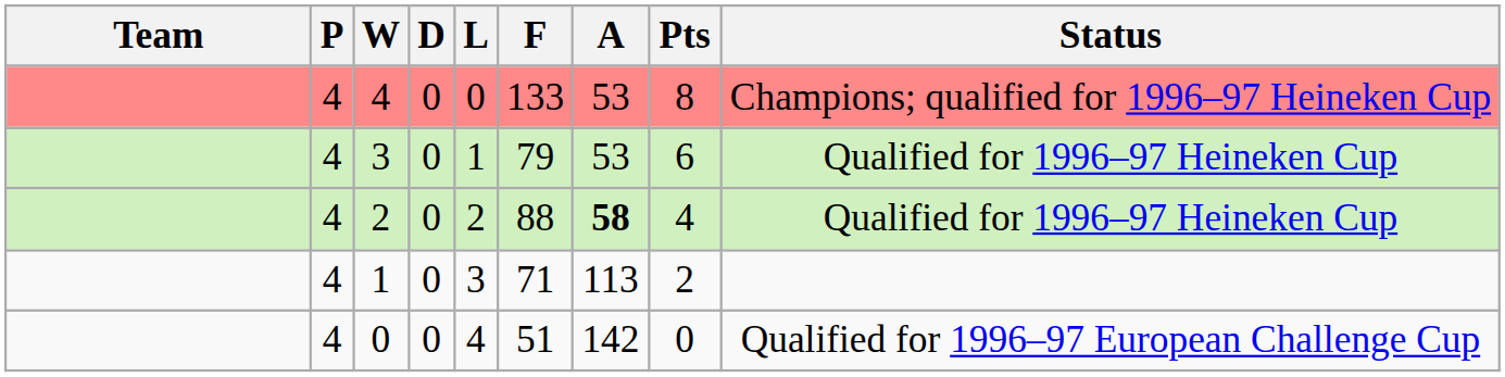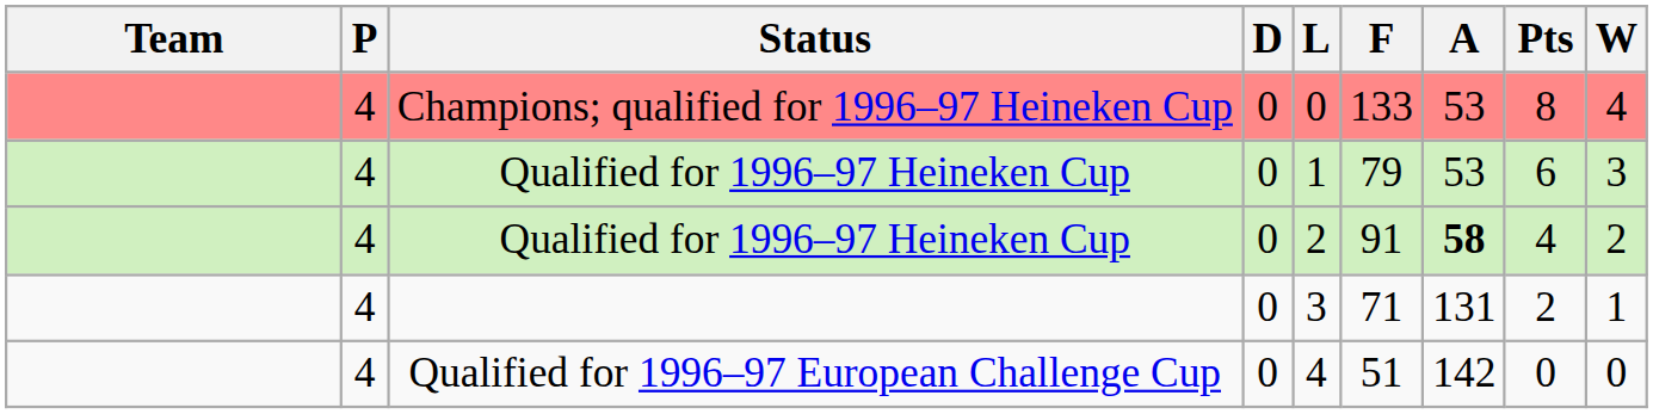 <table class="wikitable" style="text-align:center;">
 <tr>
 <th width="120px">Team</th>
 <th>P</th>
-<th>W</th>
+<th>Status</th>
 <th>D</th>
 <th>L</th>
 <th width="23px">F</th>
 <th width="23px">A</th>
 <th width="23px">Pts</th>
-<th>Status</th>
+<th>W</th>
 </tr>
 <tr bgcolor="#FF8888">
 <td></td>
 <td>4</td>
-<td>4</td>
+<td>Champions; qualified for <a href='#'>1996–97 Heineken Cup</a></td>
 <td>0</td>
 <td>0</td>
 <td>133</td>
 <td>53</td>
 <td>8</td>
-<td>Champions; qualified for <a href='#'>1996–97 Heineken Cup</a></td>
+<td>4</td>
 </tr>
 <tr bgcolor="#D0F0C0">
 <td></td>
 <td>4</td>
-<td>3</td>
+<td>Qualified for <a href='#'>1996–97 Heineken Cup</a></td>
 <td>0</td>
 <td>1</td>
 <td>79</td>
 <td>53</td>
 <td>6</td>
-<td>Qualified for <a href='#'>1996–97 Heineken Cup</a></td>
+<td>3</td>
 </tr>
 <tr bgcolor="#D0F0C0">
 <td></td>
 <td>4</td>
-<td>2</td>
+<td>Qualified for <a href='#'>1996–97 Heineken Cup</a></td>
 <td>0</td>
 <td>2</td>
-<td>88</td>
+<td>91</td>
 <td><strong>58</strong></td>
 <td>4</td>
-<td>Qualified for <a href='#'>1996–97 Heineken Cup</a></td>
+<td>2</td>
 </tr>
 <tr>
 <td></td>
 <td>4</td>
-<td>1</td>
+<td></td>
 <td>0</td>
 <td>3</td>
 <td>71</td>
-<td>113</td>
+<td>131</td>
 <td>2</td>
-<td></td>
+<td>1</td>
 </tr>
 <tr>
 <td></td>
 <td>4</td>
-<td>0</td>
+<td>Qualified for <a href='#'>1996–97 European Challenge Cup</a></td>
 <td>0</td>
 <td>4</td>
 <td>51</td>
 <td>142</td>
 <td>0</td>
-<td>Qualified for <a href='#'>1996–97 European Challenge Cup</a></td>
+<td>0</td>
 </tr>
 </table>
